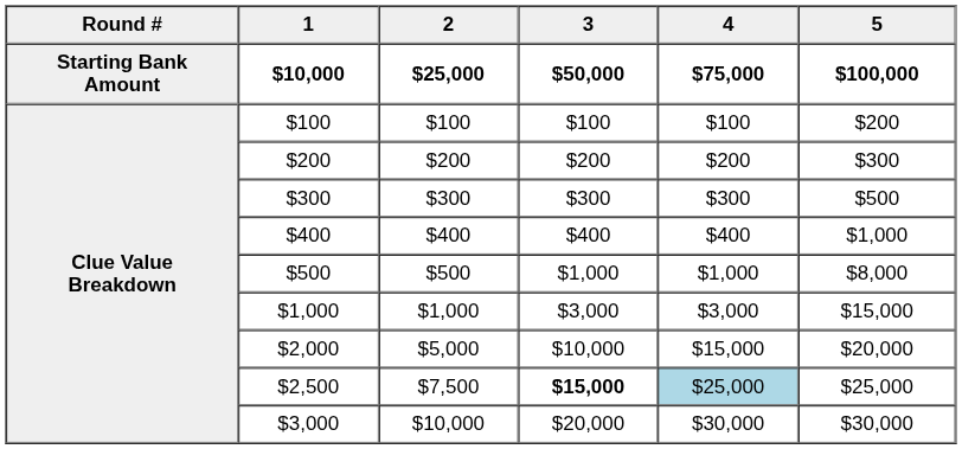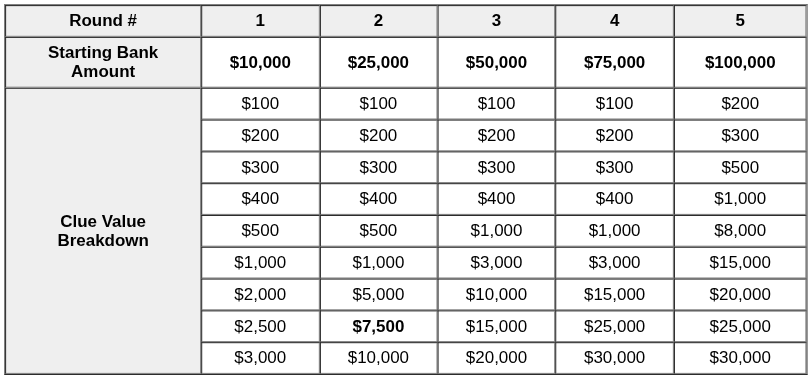 <table border="1" cellpadding="5" cellspacing="0" style="text-align: center;" width="60%">
 <tr>
 <th scope="col" style="background:#efefef;">Round #</th>
 <th scope="col" style="background:#efefef;">1</th>
 <th scope="col" style="background:#efefef;">2</th>
 <th scope="col" style="background:#efefef;">3</th>
 <th scope="col" style="background:#efefef;">4</th>
 <th scope="col" style="background:#efefef;">5</th>
 </tr>
 <tr>
 <th scope="col" style="background:#efefef;">Starting Bank<br>Amount</th>
 <td><strong>$10,000</strong></td>
 <td><strong>$25,000</strong></td>
 <td><strong>$50,000</strong></td>
 <td><strong>$75,000</strong></td>
 <td><strong>$100,000</strong></td>
 </tr>
 <tr>
 <th rowspan="9" scope="col" style="background:#efefef;">Clue Value<br>Breakdown</th>
 <td>$100</td>
 <td>$100</td>
 <td>$100</td>
 <td>$100</td>
 <td>$200</td>
 </tr>
 <tr>
 <td>$200</td>
 <td>$200</td>
 <td>$200</td>
 <td>$200</td>
 <td>$300</td>
 </tr>
 <tr>
 <td>$300</td>
 <td>$300</td>
 <td>$300</td>
 <td>$300</td>
 <td>$500</td>
 </tr>
 <tr>
 <td>$400</td>
 <td>$400</td>
 <td>$400</td>
 <td>$400</td>
 <td>$1,000</td>
 </tr>
 <tr>
 <td>$500</td>
 <td>$500</td>
 <td>$1,000</td>
 <td>$1,000</td>
 <td>$8,000</td>
 </tr>
 <tr>
 <td>$1,000</td>
 <td>$1,000</td>
 <td>$3,000</td>
 <td>$3,000</td>
 <td>$15,000</td>
 </tr>
 <tr>
 <td>$2,000</td>
 <td>$5,000</td>
 <td>$10,000</td>
 <td>$15,000</td>
 <td>$20,000</td>
 </tr>
 <tr>
 <td>$2,500</td>
-<td>$7,500</td>
-<td><strong>$15,000</strong></td>
-<td style="background: lightblue;">$25,000</td>
+<td><strong>$7,500</strong></td>
+<td>$15,000</td>
+<td>$25,000</td>
 <td>$25,000</td>
 </tr>
 <tr>
 <td>$3,000</td>
 <td>$10,000</td>
 <td>$20,000</td>
 <td>$30,000</td>
 <td>$30,000</td>
 </tr>
 <tr>
 </tr>
 </table>
